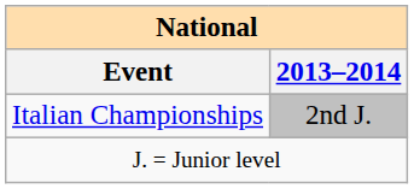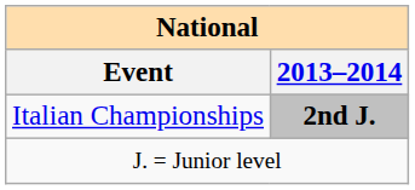 <table class="wikitable" style="text-align:center">
 <tr>
 <th style="background-color: #ffdead; " colspan=2 align=center><strong>National</strong></th>
 </tr>
 <tr>
 <th>Event</th>
 <th><a href='#'>2013–2014</a></th>
 </tr>
 <tr>
 <td align=left><a href='#'>Italian Championships</a></td>
-<td bgcolor=silver>2nd J.</td>
+<td bgcolor=silver><strong>2nd J.</strong></td>
 </tr>
 <tr>
 <td colspan=2 align=center><small> J. = Junior level </small></td>
 </tr>
 </table>
